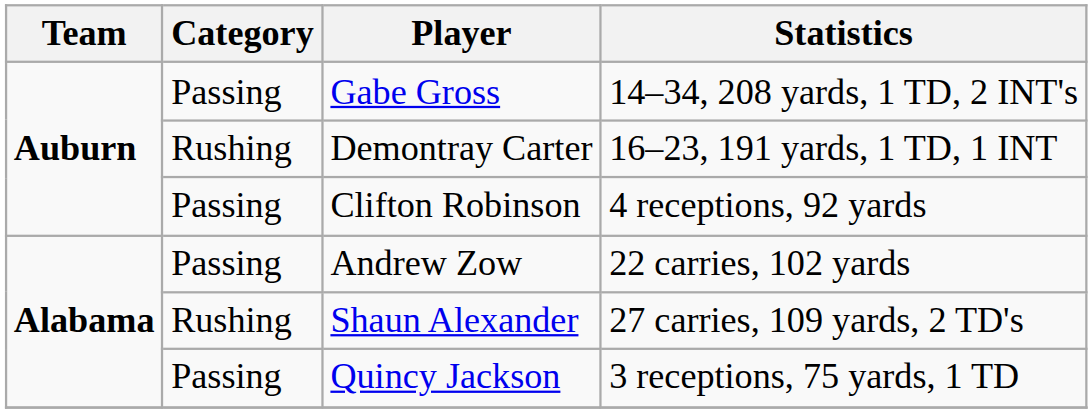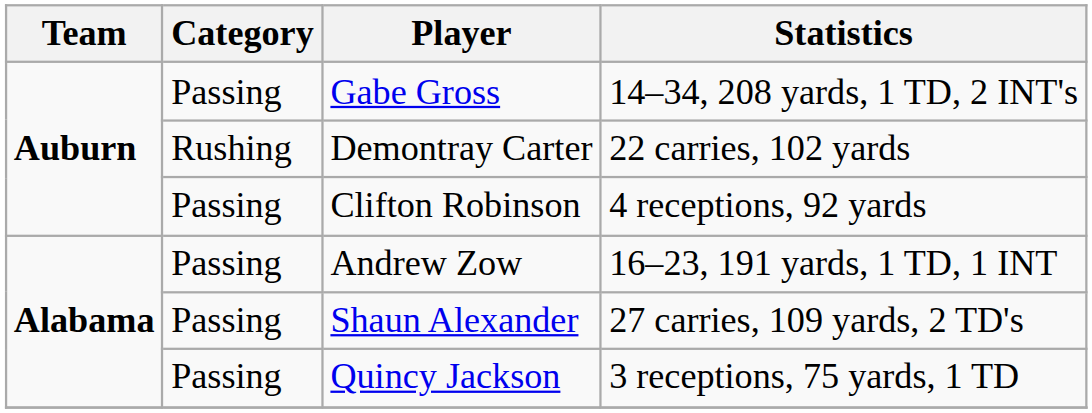 <table class="wikitable" style="float: right;">
 <tr>
 <th>Team</th>
 <th>Category</th>
 <th>Player</th>
 <th>Statistics</th>
 </tr>
 <tr>
 <td rowspan=3><strong>Auburn</strong></td>
 <td>Passing</td>
 <td><a href='#'>Gabe Gross</a></td>
 <td>14–34, 208 yards, 1 TD, 2 INT's</td>
 </tr>
 <tr>
 <td>Rushing</td>
 <td>Demontray Carter</td>
-<td>16–23, 191 yards, 1 TD, 1 INT</td>
+<td>22 carries, 102 yards</td>
 </tr>
 <tr>
 <td>Passing</td>
 <td>Clifton Robinson</td>
 <td>4 receptions, 92 yards</td>
 </tr>
 <tr>
 <td rowspan=3><strong>Alabama</strong></td>
 <td>Passing</td>
 <td>Andrew Zow</td>
-<td>22 carries, 102 yards</td>
+<td>16–23, 191 yards, 1 TD, 1 INT</td>
 </tr>
 <tr>
-<td>Rushing</td>
+<td>Passing</td>
 <td><a href='#'>Shaun Alexander</a></td>
 <td>27 carries, 109 yards, 2 TD's</td>
 </tr>
 <tr>
 <td>Passing</td>
 <td><a href='#'>Quincy Jackson</a></td>
 <td>3 receptions, 75 yards, 1 TD</td>
 </tr>
 <tr>
 </tr>
 </table>
